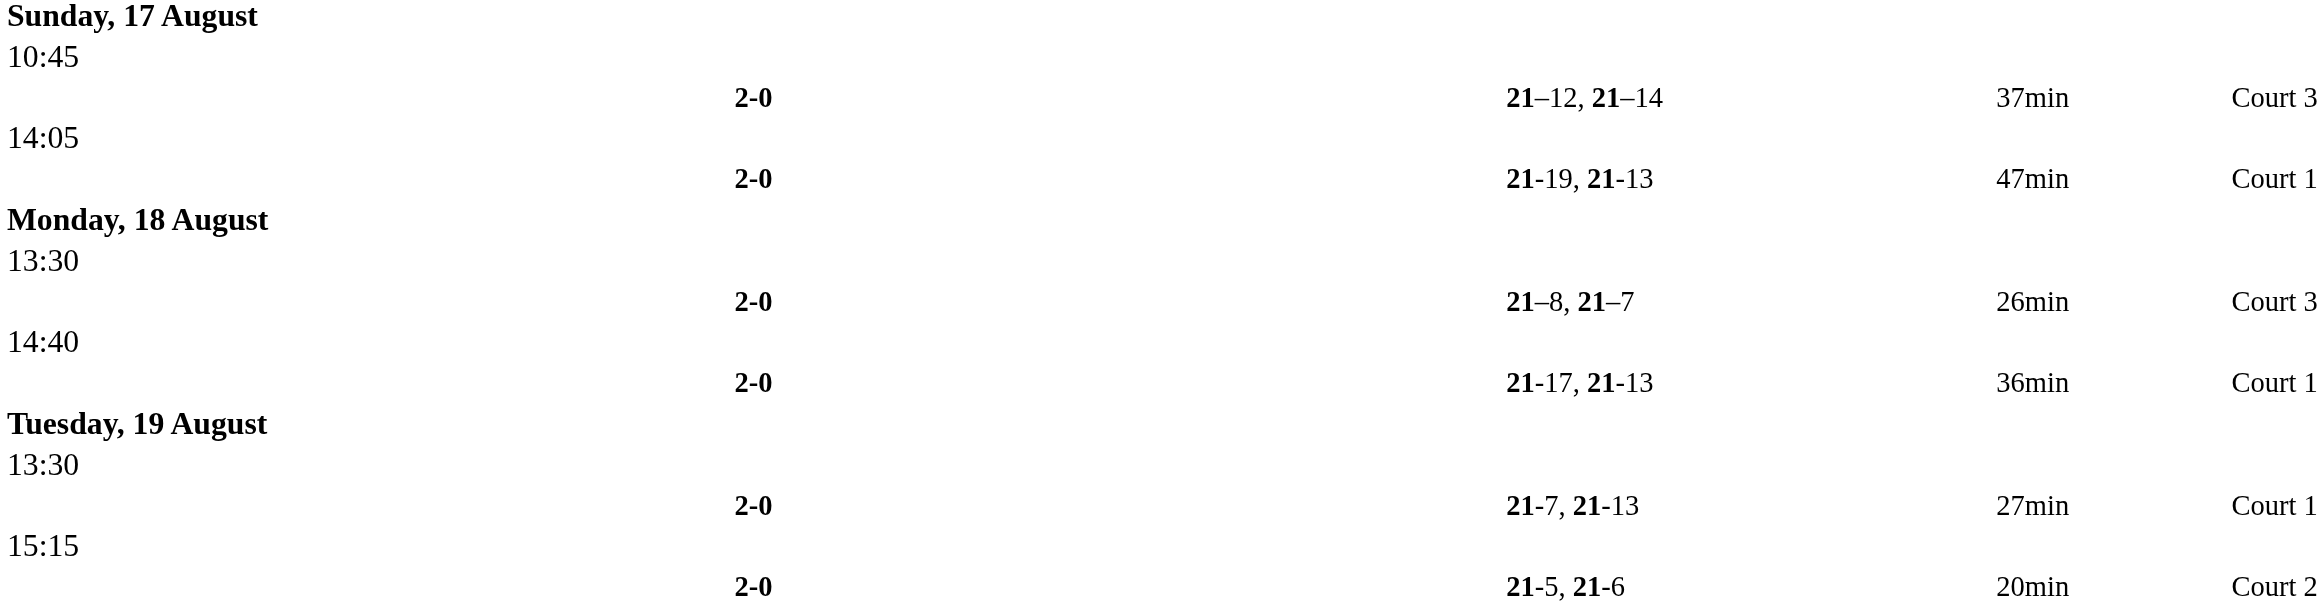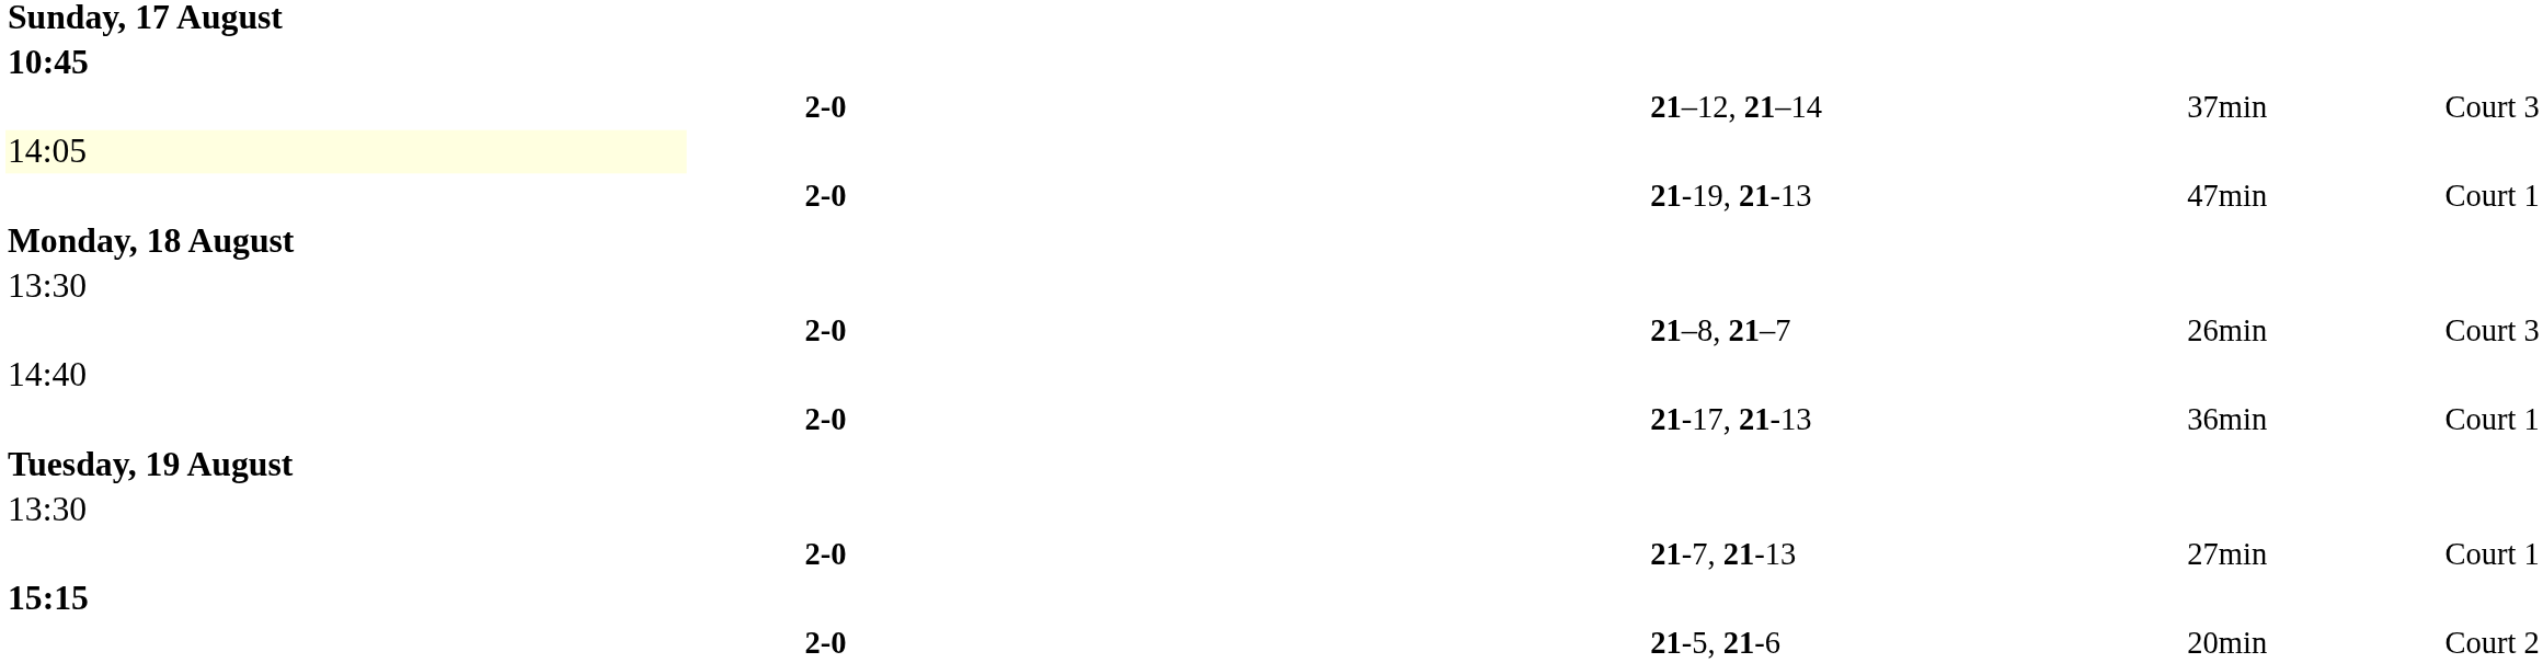 <table style="width:100%;" cellspacing="1">
 <tr>
 <th width=25%></th>
 <th width=10%></th>
 <th width=25%></th>
 </tr>
 <tr>
 <td><strong>Sunday, 17 August</strong></td>
 </tr>
 <tr>
-<td>10:45</td>
+<td><strong>10:45</strong></td>
 </tr>
 <tr style=font-size:90%>
 <td align=right><strong></strong></td>
 <td align=center><strong> 2-0 </strong></td>
 <td></td>
 <td><strong>21</strong>–12, <strong>21</strong>–14</td>
 <td>37min</td>
 <td>Court 3</td>
 </tr>
 <tr>
-<td>14:05</td>
+<td style="background: lightyellow;">14:05</td>
 </tr>
 <tr style=font-size:90%>
 <td align=right><strong></strong></td>
 <td align=center><strong> 2-0 </strong></td>
 <td></td>
 <td><strong>21</strong>-19, <strong>21</strong>-13</td>
 <td>47min</td>
 <td>Court 1</td>
 </tr>
 <tr>
 <td><strong>Monday, 18 August</strong></td>
 </tr>
 <tr>
 <td>13:30</td>
 </tr>
 <tr style=font-size:90%>
 <td align=right><strong></strong></td>
 <td align=center><strong> 2-0 </strong></td>
 <td></td>
 <td><strong>21</strong>–8, <strong>21</strong>–7</td>
 <td>26min</td>
 <td>Court 3</td>
 </tr>
 <tr>
 <td>14:40</td>
 </tr>
 <tr style=font-size:90%>
 <td align=right><strong></strong></td>
 <td align=center><strong> 2-0 </strong></td>
 <td></td>
 <td><strong>21</strong>-17, <strong>21</strong>-13</td>
 <td>36min</td>
 <td>Court 1</td>
 </tr>
 <tr>
 <td><strong>Tuesday, 19 August</strong></td>
 </tr>
 <tr>
 <td>13:30</td>
 </tr>
 <tr style=font-size:90%>
 <td align=right><strong></strong></td>
 <td align=center><strong> 2-0 </strong></td>
 <td></td>
 <td><strong>21</strong>-7, <strong>21</strong>-13</td>
 <td>27min</td>
 <td>Court 1</td>
 </tr>
 <tr>
-<td>15:15</td>
+<td><strong>15:15</strong></td>
 </tr>
 <tr style=font-size:90%>
 <td align=right><strong></strong></td>
 <td align=center><strong> 2-0 </strong></td>
 <td></td>
 <td><strong>21</strong>-5, <strong>21</strong>-6</td>
 <td>20min</td>
 <td>Court 2</td>
 </tr>
 </table>
